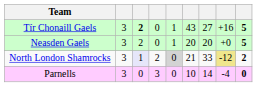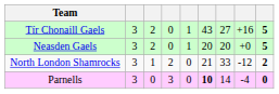 <table class="wikitable" style="text-align:center">
 <tr>
 <th style="width:175px;">Team</th>
 <th width="20"></th>
 <th width="20"></th>
 <th width="20"></th>
 <th width="20"></th>
 <th width="20"></th>
 <th width="20"></th>
 <th width="20"></th>
 <th width="20"></th>
 </tr>
 <tr style="background:#cfc;">
 <td><a href='#'>Tír Chonaill Gaels</a></td>
 <td>3</td>
-<td><strong>2</strong></td>
+<td>2</td>
 <td>0</td>
 <td>1</td>
 <td>43</td>
 <td>27</td>
 <td>+16</td>
 <td><strong>5</strong></td>
 </tr>
 <tr style="background:#cfc;">
 <td><a href='#'>Neasden Gaels</a></td>
 <td>3</td>
 <td>2</td>
 <td>0</td>
 <td>1</td>
 <td>20</td>
 <td>20</td>
 <td>+0</td>
 <td><strong>5</strong></td>
 </tr>
 <tr>
 <td><a href='#'>North London Shamrocks</a></td>
 <td>3</td>
-<td style="background: lavender;">1</td>
+<td>1</td>
 <td>2</td>
-<td style="background: lightgrey;">0</td>
+<td>0</td>
 <td>21</td>
 <td>33</td>
-<td style="background: khaki;">-12</td>
+<td>-12</td>
 <td><strong>2</strong></td>
 </tr>
 <tr style="background:#fcf;">
 <td>Parnells</td>
 <td>3</td>
 <td>0</td>
 <td>3</td>
 <td>0</td>
-<td>10</td>
+<td><strong>10</strong></td>
 <td>14</td>
 <td>-4</td>
 <td><strong>0</strong></td>
 </tr>
 </table>
